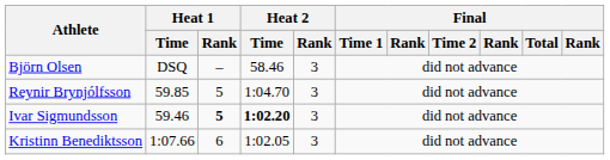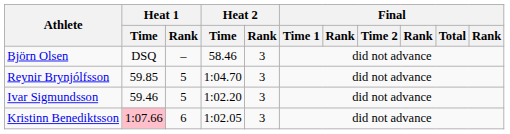 <table class="wikitable" style="font-size:90%">
 <tr>
 <th rowspan="2">Athlete</th>
 <th colspan="2">Heat 1</th>
 <th colspan="2">Heat 2</th>
 <th colspan="6">Final</th>
 </tr>
 <tr>
 <th>Time</th>
 <th>Rank</th>
 <th>Time</th>
 <th>Rank</th>
 <th>Time 1</th>
 <th>Rank</th>
 <th>Time 2</th>
 <th>Rank</th>
 <th>Total</th>
 <th>Rank</th>
 </tr>
 <tr>
 <td><a href='#'>Björn Olsen</a></td>
 <td align="center">DSQ</td>
 <td align="center">–</td>
 <td align="center">58.46</td>
 <td align="center">3</td>
 <td colspan="6" align="center">did not advance</td>
 </tr>
 <tr>
 <td><a href='#'>Reynir Brynjólfsson</a></td>
 <td align="center">59.85</td>
 <td align="center">5</td>
 <td align="center">1:04.70</td>
 <td align="center">3</td>
 <td colspan="6" align="center">did not advance</td>
 </tr>
 <tr>
 <td><a href='#'>Ivar Sigmundsson</a></td>
 <td align="center">59.46</td>
-<td align="center"><strong>5</strong></td>
-<td align="center"><strong>1:02.20</strong></td>
+<td align="center">5</td>
+<td align="center">1:02.20</td>
 <td align="center">3</td>
 <td colspan="6" align="center">did not advance</td>
 </tr>
 <tr>
 <td><a href='#'>Kristinn Benediktsson</a></td>
-<td align="center">1:07.66</td>
+<td align="center" style="background: pink;">1:07.66</td>
 <td align="center">6</td>
 <td align="center">1:02.05</td>
 <td align="center">3</td>
 <td colspan="6" align="center">did not advance</td>
 </tr>
 </table>
